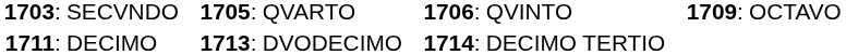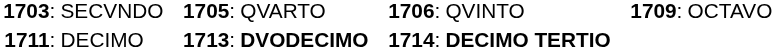 <table style="margin:0.2em auto">
 <tr>
 <td width="9%" align="right"><strong>1703</strong>:</td>
 <td align="left">SECVNDO</td>
 <td width="9%" align="right"><strong>1705</strong>:</td>
 <td align="left">QVARTO</td>
 <td width="9%" align="right"><strong>1706</strong>:</td>
 <td align="left">QVINTO</td>
 <td width="9%" align="right"><strong>1709</strong>:</td>
 <td align="left">OCTAVO</td>
 </tr>
 <tr>
 <td align="right"><strong>1711</strong>:</td>
 <td align="left">DECIMO</td>
 <td align="right"><strong>1713</strong>:</td>
-<td align="left">DVODECIMO</td>
+<td align="left"><strong>DVODECIMO</strong></td>
 <td align="right"><strong>1714</strong>:</td>
-<td align="left">DECIMO TERTIO</td>
+<td align="left"><strong>DECIMO TERTIO</strong></td>
 </tr>
 </table>
